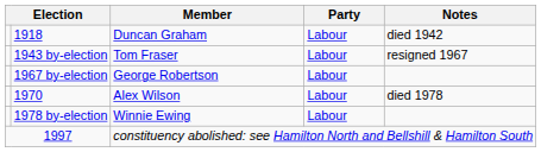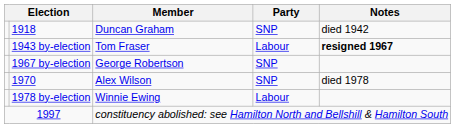 <table class="wikitable">
 <tr>
 <th colspan="2">Election</th>
 <th>Member </th>
 <th>Party</th>
 <th>Notes</th>
 </tr>
 <tr>
 <td style="color:inherit;background-color: "></td>
 <td><a href='#'>1918</a></td>
 <td><a href='#'>Duncan Graham</a></td>
-<td><a href='#'>Labour</a></td>
+<td><a href='#'>SNP</a></td>
 <td>died 1942</td>
 </tr>
 <tr>
 <td style="color:inherit;background-color: "></td>
 <td><a href='#'>1943 by-election</a></td>
 <td><a href='#'>Tom Fraser</a></td>
 <td><a href='#'>Labour</a></td>
-<td>resigned 1967</td>
+<td><strong>resigned 1967</strong></td>
 </tr>
 <tr>
 <td style="color:inherit;background-color: "></td>
 <td><a href='#'>1967 by-election</a></td>
 <td><a href='#'>George Robertson</a></td>
-<td><a href='#'>Labour</a></td>
+<td><a href='#'>SNP</a></td>
 </tr>
 <tr>
 <td style="color:inherit;background-color: "></td>
 <td><a href='#'>1970</a></td>
 <td><a href='#'>Alex Wilson</a></td>
-<td><a href='#'>Labour</a></td>
+<td><a href='#'>SNP</a></td>
 <td>died 1978</td>
 </tr>
 <tr>
 <td style="color:inherit;background-color: "></td>
 <td><a href='#'>1978 by-election</a></td>
 <td><a href='#'>Winnie Ewing</a></td>
 <td><a href='#'>Labour</a></td>
 </tr>
 <tr>
 <td colspan="2" align="center"><a href='#'>1997</a></td>
 <td colspan="3"><em>constituency abolished: see <a href='#'>Hamilton North and Bellshill</a> & <a href='#'>Hamilton South</a></em></td>
 </tr>
 </table>
